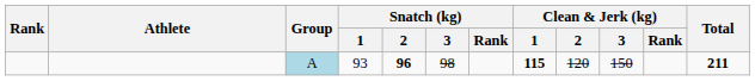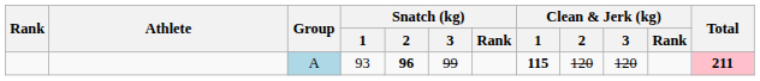 <table class = "wikitable" style="text-align:center;">
 <tr>
 <th rowspan=2 width=40>Rank</th>
 <th rowspan=2 width=250>Athlete</th>
 <th rowspan=2 width=50>Group</th>
 <th colspan=4>Snatch (kg)</th>
 <th colspan=4>Clean & Jerk (kg)</th>
 <th rowspan=2 width=60>Total</th>
 </tr>
 <tr>
 <th width=40>1</th>
 <th width=40>2</th>
 <th width=40>3</th>
 <th width=40>Rank</th>
 <th width=40>1</th>
 <th width=40>2</th>
 <th width=40>3</th>
 <th width=40>Rank</th>
 </tr>
 <tr>
 <td></td>
 <td align=left></td>
 <td style="background: lightblue;">A</td>
 <td>93</td>
 <td><strong>96</strong></td>
-<td><s>98</s></td>
+<td><s>99</s></td>
 <td></td>
 <td><strong>115</strong></td>
 <td><s>120</s></td>
-<td><s>150</s></td>
+<td><s>120</s></td>
 <td></td>
-<td><strong>211</strong></td>
+<td style="background: pink;"><strong>211</strong></td>
 </tr>
 </table>
